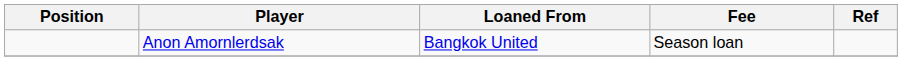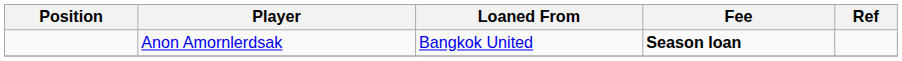 <table class="wikitable sortable" style="width:70%; text-align:center; font-size:100%; text-align:left;">
 <tr>
 <th><strong>Position</strong></th>
 <th><strong>Player</strong></th>
 <th><strong>Loaned From</strong></th>
 <th><strong>Fee</strong></th>
 <th><strong>Ref</strong></th>
 </tr>
 <tr>
 <td></td>
 <td> <a href='#'>Anon Amornlerdsak</a></td>
 <td> <a href='#'>Bangkok United</a></td>
-<td>Season loan</td>
+<td><strong>Season loan</strong></td>
 <td></td>
 </tr>
 <tr>
 </tr>
 </table>
